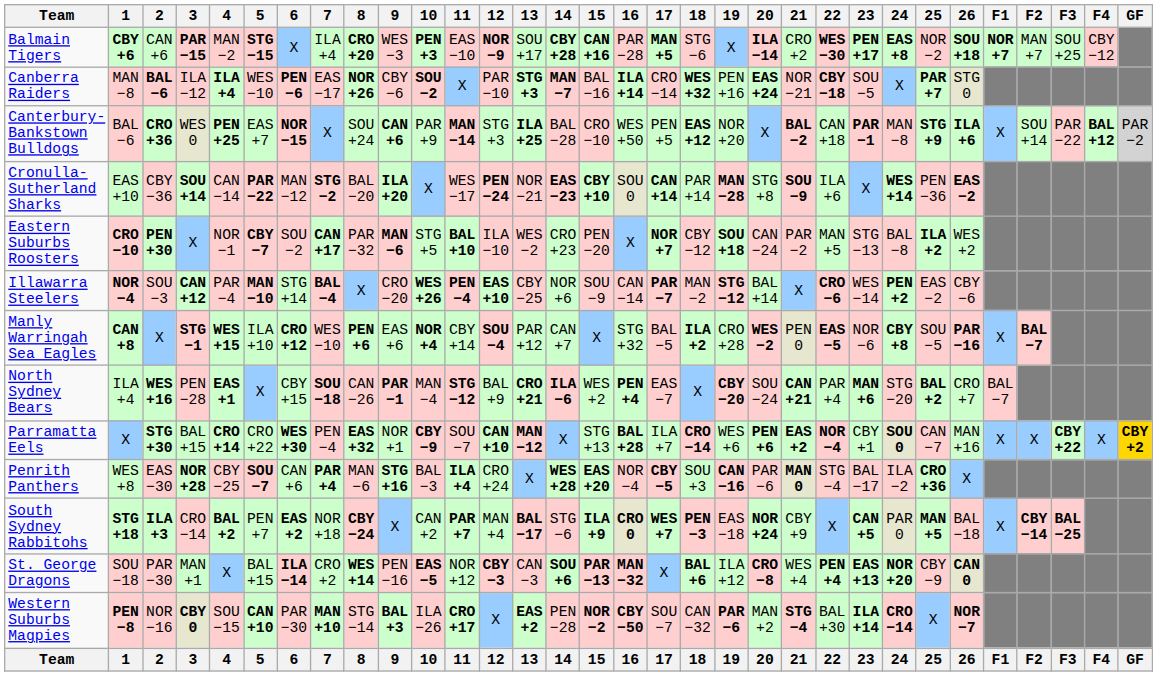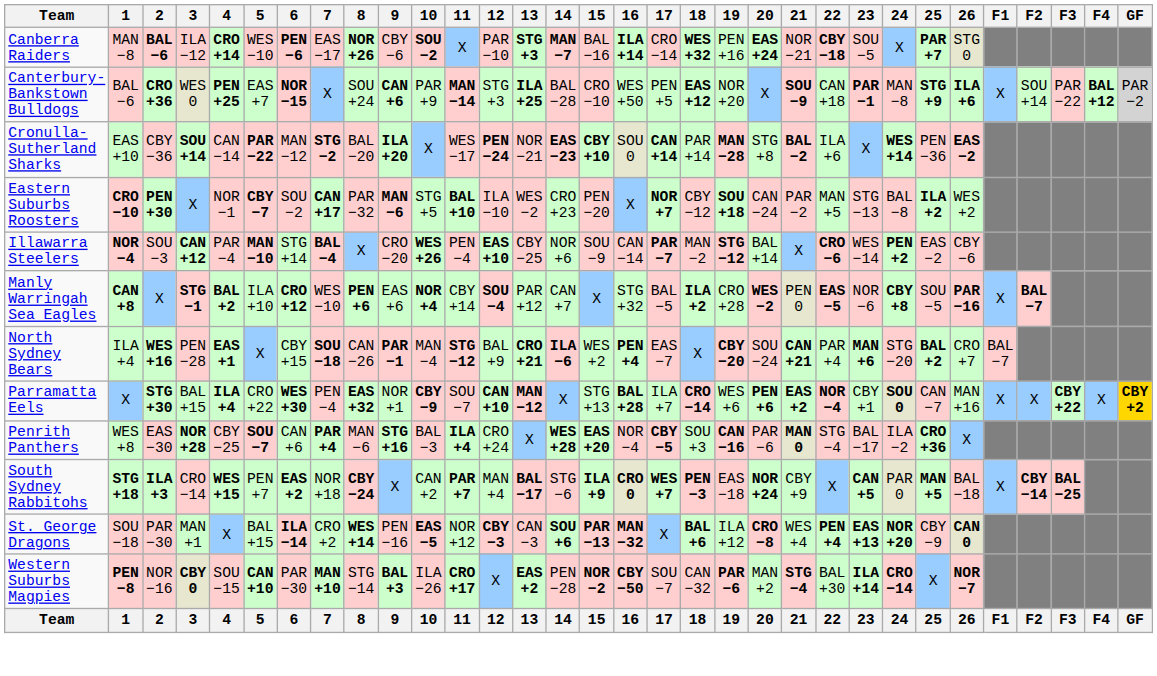 <table class="wikitable sortable" style="font-size:85%; text-align:center; width:90%">
 <tr valign="top">
 <th valign="middle">Team</th>
 <th>1</th>
 <th>2</th>
 <th>3</th>
 <th>4</th>
 <th>5</th>
 <th>6</th>
 <th>7</th>
 <th>8</th>
 <th>9</th>
 <th>10</th>
 <th>11</th>
 <th>12</th>
 <th>13</th>
 <th>14</th>
 <th>15</th>
 <th>16</th>
 <th>17</th>
 <th>18</th>
 <th>19</th>
 <th>20</th>
 <th>21</th>
 <th>22</th>
 <th>23</th>
 <th>24</th>
 <th>25</th>
 <th>26</th>
 <th>F1</th>
 <th>F2</th>
 <th>F3</th>
 <th>F4</th>
 <th>GF</th>
 </tr>
 <tr>
-<td align="left"><a href='#'>Balmain Tigers</a></td>
-<td style="background:#cfc;"><strong>CBY<br>+6</strong></td>
-<td style="background:#cfc;">CAN<br>+6</td>
-<td style="background:#FFCFCF;"><strong>PAR<br>−15</strong></td>
-<td style="background:#FFCFCF;">MAN<br>−2</td>
-<td style="background:#FFCFCF;"><strong>STG<br>−15</strong></td>
-<td style="background:#99ccff;">X</td>
-<td style="background:#cfc;">ILA<br>+4</td>
-<td style="background:#cfc;"><strong>CRO<br>+20</strong></td>
-<td style="background:#FFCFCF;">WES<br>−3</td>
-<td style="background:#cfc;"><strong>PEN<br>+3</strong></td>
-<td style="background:#FFCFCF;">EAS<br>−10</td>
-<td style="background:#FFCFCF;"><strong>NOR<br>−9</strong></td>
-<td style="background:#cfc;">SOU<br>+17</td>
-<td style="background:#cfc;"><strong>CBY<br>+28</strong></td>
-<td style="background:#cfc;"><strong>CAN<br>+16</strong></td>
-<td style="background:#FFCFCF;">PAR<br>−28</td>
-<td style="background:#cfc;"><strong>MAN<br>+5</strong></td>
-<td style="background:#FFCFCF;">STG<br>−6</td>
-<td style="background:#99ccff;">X</td>
-<td style="background:#FFCFCF;"><strong>ILA<br>−14</strong></td>
-<td style="background:#cfc;">CRO<br>+2</td>
-<td style="background:#FFCFCF;"><strong>WES<br>−30</strong></td>
-<td style="background:#cfc;"><strong>PEN<br>+17</strong></td>
-<td style="background:#cfc;"><strong>EAS<br>+8</strong></td>
-<td style="background:#FFCFCF;">NOR<br>−2</td>
-<td style="background:#cfc;"><strong>SOU<br>+18</strong></td>
-<td style="background:#cfc;"><strong>NOR<br>+7</strong></td>
-<td style="background:#cfc;">MAN<br>+7</td>
-<td style="background:#cfc;">SOU<br>+25</td>
-<td style="background:#FFCFCF;">CBY<br>−12</td>
-<td style="background:#808080;"></td>
-</tr>
-<tr>
 <td align="left"><a href='#'>Canberra Raiders</a></td>
 <td style="background:#FFCFCF;">MAN<br>−8</td>
 <td style="background:#FFCFCF;"><strong>BAL<br>−6</strong></td>
 <td style="background:#FFCFCF;">ILA<br>−12</td>
-<td style="background:#cfc;"><strong>ILA<br>+4</strong></td>
+<td style="background:#cfc;"><strong>CRO<br>+14</strong></td>
 <td style="background:#FFCFCF;">WES<br>−10</td>
 <td style="background:#FFCFCF;"><strong>PEN<br>−6</strong></td>
 <td style="background:#FFCFCF;">EAS<br>−17</td>
 <td style="background:#cfc;"><strong>NOR<br>+26</strong></td>
 <td style="background:#FFCFCF;">CBY<br>−6</td>
 <td style="background:#FFCFCF;"><strong>SOU<br>−2</strong></td>
 <td style="background:#99ccff;">X</td>
 <td style="background:#FFCFCF;">PAR<br>−10</td>
 <td style="background:#cfc;"><strong>STG<br>+3</strong></td>
 <td style="background:#FFCFCF;"><strong>MAN<br>−7</strong></td>
 <td style="background:#FFCFCF;">BAL<br>−16</td>
 <td style="background:#cfc;"><strong>ILA<br>+14</strong></td>
 <td style="background:#FFCFCF;">CRO<br>−14</td>
 <td style="background:#cfc;"><strong>WES<br>+32</strong></td>
 <td style="background:#cfc;">PEN<br>+16</td>
 <td style="background:#cfc;"><strong>EAS<br>+24</strong></td>
 <td style="background:#FFCFCF;">NOR<br>−21</td>
 <td style="background:#FFCFCF;"><strong>CBY<br>−18</strong></td>
 <td style="background:#FFCFCF;">SOU<br>−5</td>
 <td style="background:#99ccff;">X</td>
 <td style="background:#cfc;"><strong>PAR<br>+7</strong></td>
 <td style="background:#E6E7CE">STG<br>0</td>
 <td style="background:#808080;"></td>
 <td style="background:#808080;"></td>
 <td style="background:#808080;"></td>
 <td style="background:#808080;"></td>
 <td style="background:#808080;"></td>
 </tr>
 <tr>
 <td align="left"><a href='#'>Canterbury-Bankstown Bulldogs</a></td>
 <td style="background:#FFCFCF;">BAL<br>−6</td>
 <td style="background:#cfc;"><strong>CRO<br>+36</strong></td>
 <td style="background:#E6E7CE">WES<br>0</td>
 <td style="background:#cfc;"><strong>PEN<br>+25</strong></td>
 <td style="background:#cfc;">EAS<br>+7</td>
 <td style="background:#FFCFCF;"><strong>NOR<br>−15</strong></td>
 <td style="background:#99ccff;">X</td>
 <td style="background:#cfc;">SOU<br>+24</td>
 <td style="background:#cfc;"><strong>CAN<br>+6</strong></td>
 <td style="background:#cfc;">PAR<br>+9</td>
 <td style="background:#FFCFCF;"><strong>MAN<br>−14</strong></td>
 <td style="background:#cfc;">STG<br>+3</td>
 <td style="background:#cfc;"><strong>ILA<br>+25</strong></td>
 <td style="background:#FFCFCF;">BAL<br>−28</td>
 <td style="background:#FFCFCF;">CRO<br>−10</td>
 <td style="background:#cfc;">WES<br>+50</td>
 <td style="background:#cfc;">PEN<br>+5</td>
 <td style="background:#cfc;"><strong>EAS<br>+12</strong></td>
 <td style="background:#cfc;">NOR<br>+20</td>
 <td style="background:#99ccff;">X</td>
-<td style="background:#FFCFCF;"><strong>BAL<br>−2</strong></td>
+<td style="background:#FFCFCF;"><strong>SOU<br>−9</strong></td>
 <td style="background:#cfc;">CAN<br>+18</td>
 <td style="background:#FFCFCF;"><strong>PAR<br>−1</strong></td>
 <td style="background:#FFCFCF;">MAN<br>−8</td>
 <td style="background:#cfc;"><strong>STG<br>+9</strong></td>
 <td style="background:#cfc;"><strong>ILA<br>+6</strong></td>
 <td style="background:#99ccff;">X</td>
 <td style="background:#cfc;">SOU<br>+14</td>
 <td style="background:#FFCFCF;">PAR<br>−22</td>
 <td style="background:#cfc;"><strong>BAL<br>+12</strong></td>
 <td style="background:#D3D3D3;">PAR<br>−2</td>
 </tr>
 <tr>
 <td align="left"><a href='#'>Cronulla-Sutherland Sharks</a></td>
 <td style="background:#cfc;">EAS<br>+10</td>
 <td style="background:#FFCFCF;">CBY<br>−36</td>
 <td style="background:#cfc;"><strong>SOU<br>+14</strong></td>
 <td style="background:#FFCFCF;">CAN<br>−14</td>
 <td style="background:#FFCFCF;"><strong>PAR<br>−22</strong></td>
 <td style="background:#FFCFCF;">MAN<br>−12</td>
 <td style="background:#FFCFCF;"><strong>STG<br>−2</strong></td>
 <td style="background:#FFCFCF;">BAL<br>−20</td>
 <td style="background:#cfc;"><strong>ILA<br>+20</strong></td>
 <td style="background:#99ccff;">X</td>
 <td style="background:#FFCFCF;">WES<br>−17</td>
 <td style="background:#FFCFCF;"><strong>PEN<br>−24</strong></td>
 <td style="background:#FFCFCF;">NOR<br>−21</td>
 <td style="background:#FFCFCF;"><strong>EAS<br>−23</strong></td>
 <td style="background:#cfc;"><strong>CBY<br>+10</strong></td>
 <td style="background:#E6E7CE">SOU<br>0</td>
 <td style="background:#cfc;"><strong>CAN<br>+14</strong></td>
 <td style="background:#cfc;">PAR<br>+14</td>
 <td style="background:#FFCFCF;"><strong>MAN<br>−28</strong></td>
 <td style="background:#cfc;">STG<br>+8</td>
-<td style="background:#FFCFCF;"><strong>SOU<br>−9</strong></td>
+<td style="background:#FFCFCF;"><strong>BAL<br>−2</strong></td>
 <td style="background:#cfc;">ILA<br>+6</td>
 <td style="background:#99ccff;">X</td>
 <td style="background:#cfc;"><strong>WES<br>+14</strong></td>
 <td style="background:#FFCFCF;">PEN<br>−36</td>
 <td style="background:#FFCFCF;"><strong>EAS<br>−2</strong></td>
 <td style="background:#808080;"></td>
 <td style="background:#808080;"></td>
 <td style="background:#808080;"></td>
 <td style="background:#808080;"></td>
 <td style="background:#808080;"></td>
 </tr>
 <tr>
 <td align="left"><a href='#'>Eastern Suburbs Roosters</a></td>
 <td style="background:#FFCFCF;"><strong>CRO<br>−10</strong></td>
 <td style="background:#cfc;"><strong>PEN<br>+30</strong></td>
 <td style="background:#99ccff;">X</td>
 <td style="background:#FFCFCF;">NOR<br>−1</td>
 <td style="background:#FFCFCF;"><strong>CBY<br>−7</strong></td>
 <td style="background:#FFCFCF;">SOU<br>−2</td>
 <td style="background:#cfc;"><strong>CAN<br>+17</strong></td>
 <td style="background:#FFCFCF;">PAR<br>−32</td>
 <td style="background:#FFCFCF;"><strong>MAN<br>−6</strong></td>
 <td style="background:#cfc;">STG<br>+5</td>
 <td style="background:#cfc;"><strong>BAL<br>+10</strong></td>
 <td style="background:#FFCFCF;">ILA<br>−10</td>
 <td style="background:#FFCFCF;">WES<br>−2</td>
 <td style="background:#cfc;">CRO<br>+23</td>
 <td style="background:#FFCFCF;">PEN<br>−20</td>
 <td style="background:#99ccff;">X</td>
 <td style="background:#cfc;"><strong>NOR<br>+7</strong></td>
 <td style="background:#FFCFCF;">CBY<br>−12</td>
 <td style="background:#cfc;"><strong>SOU<br>+18</strong></td>
 <td style="background:#FFCFCF;">CAN<br>−24</td>
 <td style="background:#FFCFCF;">PAR<br>−2</td>
 <td style="background:#cfc;">MAN<br>+5</td>
 <td style="background:#FFCFCF;">STG<br>−13</td>
 <td style="background:#FFCFCF;">BAL<br>−8</td>
 <td style="background:#cfc;"><strong>ILA<br>+2</strong></td>
 <td style="background:#cfc;">WES<br>+2</td>
 <td style="background:#808080;"></td>
 <td style="background:#808080;"></td>
 <td style="background:#808080;"></td>
 <td style="background:#808080;"></td>
 <td style="background:#808080;"></td>
 </tr>
 <tr>
 <td align="left"><a href='#'>Illawarra Steelers</a></td>
 <td style="background:#FFCFCF;"><strong>NOR<br>−4</strong></td>
 <td style="background:#FFCFCF;">SOU<br>−3</td>
 <td style="background:#cfc;"><strong>CAN<br>+12</strong></td>
 <td style="background:#FFCFCF;">PAR<br>−4</td>
 <td style="background:#FFCFCF;"><strong>MAN<br>−10</strong></td>
 <td style="background:#cfc;">STG<br>+14</td>
 <td style="background:#FFCFCF;"><strong>BAL<br>−4</strong></td>
 <td style="background:#99ccff;">X</td>
 <td style="background:#FFCFCF;">CRO<br>−20</td>
 <td style="background:#cfc;"><strong>WES<br>+26</strong></td>
-<td style="background:#FFCFCF;"><strong>PEN<br>−4</strong></td>
+<td style="background:#FFCFCF;">PEN<br>−4</td>
 <td style="background:#cfc;"><strong>EAS<br>+10</strong></td>
 <td style="background:#FFCFCF;">CBY<br>−25</td>
 <td style="background:#cfc;">NOR<br>+6</td>
 <td style="background:#FFCFCF;">SOU<br>−9</td>
 <td style="background:#FFCFCF;">CAN<br>−14</td>
 <td style="background:#FFCFCF;"><strong>PAR<br>−7</strong></td>
 <td style="background:#FFCFCF;">MAN<br>−2</td>
 <td style="background:#FFCFCF;"><strong>STG<br>−12</strong></td>
 <td style="background:#cfc;">BAL<br>+14</td>
 <td style="background:#99ccff;">X</td>
 <td style="background:#FFCFCF;"><strong>CRO<br>−6</strong></td>
 <td style="background:#FFCFCF;">WES<br>−14</td>
 <td style="background:#cfc;"><strong>PEN<br>+2</strong></td>
 <td style="background:#FFCFCF;">EAS<br>−2</td>
 <td style="background:#FFCFCF;">CBY<br>−6</td>
 <td style="background:#808080;"></td>
 <td style="background:#808080;"></td>
 <td style="background:#808080;"></td>
 <td style="background:#808080;"></td>
 <td style="background:#808080;"></td>
 </tr>
 <tr>
 <td align="left"><a href='#'>Manly Warringah Sea Eagles</a></td>
 <td style="background:#cfc;"><strong>CAN<br>+8</strong></td>
 <td style="background:#99ccff;">X</td>
 <td style="background:#FFCFCF;"><strong>STG<br>−1</strong></td>
-<td style="background:#cfc;"><strong>WES<br>+15</strong></td>
+<td style="background:#cfc;"><strong>BAL<br>+2</strong></td>
 <td style="background:#cfc;">ILA<br>+10</td>
 <td style="background:#cfc;"><strong>CRO<br>+12</strong></td>
 <td style="background:#FFCFCF;">WES<br>−10</td>
 <td style="background:#cfc;"><strong>PEN<br>+6</strong></td>
 <td style="background:#cfc;">EAS<br>+6</td>
 <td style="background:#cfc;"><strong>NOR<br>+4</strong></td>
 <td style="background:#cfc;">CBY<br>+14</td>
 <td style="background:#FFCFCF;"><strong>SOU<br>−4</strong></td>
 <td style="background:#cfc;">PAR<br>+12</td>
 <td style="background:#cfc;">CAN<br>+7</td>
 <td style="background:#99ccff;">X</td>
 <td style="background:#cfc;">STG<br>+32</td>
 <td style="background:#FFCFCF;">BAL<br>−5</td>
 <td style="background:#cfc;"><strong>ILA<br>+2</strong></td>
 <td style="background:#cfc;">CRO<br>+28</td>
 <td style="background:#FFCFCF;"><strong>WES<br>−2</strong></td>
 <td style="background:#E6E7CE">PEN<br>0</td>
 <td style="background:#FFCFCF;"><strong>EAS<br>−5</strong></td>
 <td style="background:#FFCFCF;">NOR<br>−6</td>
 <td style="background:#cfc;"><strong>CBY<br>+8</strong></td>
 <td style="background:#FFCFCF;">SOU<br>−5</td>
 <td style="background:#FFCFCF;"><strong>PAR<br>−16</strong></td>
 <td style="background:#99ccff;">X</td>
 <td style="background:#FFCFCF;"><strong>BAL<br>−7</strong></td>
 <td style="background:#808080;"></td>
 <td style="background:#808080;"></td>
 <td style="background:#808080;"></td>
 </tr>
 <tr>
 <td align="left"><a href='#'>North Sydney Bears</a></td>
 <td style="background:#cfc;">ILA<br>+4</td>
 <td style="background:#cfc;"><strong>WES<br>+16</strong></td>
 <td style="background:#FFCFCF;">PEN<br>−28</td>
 <td style="background:#cfc;"><strong>EAS<br>+1</strong></td>
 <td style="background:#99ccff;">X</td>
 <td style="background:#cfc;">CBY<br>+15</td>
 <td style="background:#FFCFCF;"><strong>SOU<br>−18</strong></td>
 <td style="background:#FFCFCF;">CAN<br>−26</td>
 <td style="background:#FFCFCF;"><strong>PAR<br>−1</strong></td>
 <td style="background:#FFCFCF;">MAN<br>−4</td>
 <td style="background:#FFCFCF;"><strong>STG<br>−12</strong></td>
 <td style="background:#cfc;">BAL<br>+9</td>
 <td style="background:#cfc;"><strong>CRO<br>+21</strong></td>
 <td style="background:#FFCFCF;"><strong>ILA<br>−6</strong></td>
 <td style="background:#cfc;">WES<br>+2</td>
 <td style="background:#cfc;"><strong>PEN<br>+4</strong></td>
 <td style="background:#FFCFCF;">EAS<br>−7</td>
 <td style="background:#99ccff;">X</td>
 <td style="background:#FFCFCF;"><strong>CBY<br>−20</strong></td>
 <td style="background:#FFCFCF;">SOU<br>−24</td>
 <td style="background:#cfc;"><strong>CAN<br>+21</strong></td>
 <td style="background:#cfc;">PAR<br>+4</td>
 <td style="background:#cfc;"><strong>MAN<br>+6</strong></td>
 <td style="background:#FFCFCF;">STG<br>−20</td>
 <td style="background:#cfc;"><strong>BAL<br>+2</strong></td>
 <td style="background:#cfc;">CRO<br>+7</td>
 <td style="background:#FFCFCF;">BAL<br>−7</td>
 <td style="background:#808080;"></td>
 <td style="background:#808080;"></td>
 <td style="background:#808080;"></td>
 <td style="background:#808080;"></td>
 </tr>
 <tr>
 <td align="left"><a href='#'>Parramatta Eels</a></td>
 <td style="background:#99ccff;">X</td>
 <td style="background:#cfc;"><strong>STG<br>+30</strong></td>
 <td style="background:#cfc;">BAL<br>+15</td>
-<td style="background:#cfc;"><strong>CRO<br>+14</strong></td>
+<td style="background:#cfc;"><strong>ILA<br>+4</strong></td>
 <td style="background:#cfc;">CRO<br>+22</td>
 <td style="background:#cfc;"><strong>WES<br>+30</strong></td>
 <td style="background:#FFCFCF;">PEN<br>−4</td>
 <td style="background:#cfc;"><strong>EAS<br>+32</strong></td>
 <td style="background:#cfc;">NOR<br>+1</td>
 <td style="background:#FFCFCF;"><strong>CBY<br>−9</strong></td>
 <td style="background:#FFCFCF;">SOU<br>−7</td>
 <td style="background:#cfc;"><strong>CAN<br>+10</strong></td>
 <td style="background:#FFCFCF;"><strong>MAN<br>−12</strong></td>
 <td style="background:#99ccff;">X</td>
 <td style="background:#cfc;">STG<br>+13</td>
 <td style="background:#cfc;"><strong>BAL<br>+28</strong></td>
 <td style="background:#cfc;">ILA<br>+7</td>
 <td style="background:#FFCFCF;"><strong>CRO<br>−14</strong></td>
 <td style="background:#cfc;">WES<br>+6</td>
 <td style="background:#cfc;"><strong>PEN<br>+6</strong></td>
 <td style="background:#cfc;"><strong>EAS<br>+2</strong></td>
 <td style="background:#FFCFCF;"><strong>NOR<br>−4</strong></td>
 <td style="background:#cfc;">CBY<br>+1</td>
 <td style="background:#E6E7CE"><strong>SOU<br>0</strong></td>
 <td style="background:#FFCFCF;">CAN<br>−7</td>
 <td style="background:#cfc;">MAN<br>+16</td>
 <td style="background:#99ccff;">X</td>
 <td style="background:#99ccff;">X</td>
 <td style="background:#cfc;"><strong>CBY<br>+22</strong></td>
 <td style="background:#99ccff;">X</td>
 <td style="background:#FFD700;"><strong>CBY<br>+2</strong></td>
 </tr>
 <tr>
 <td align="left"><a href='#'>Penrith Panthers</a></td>
 <td style="background:#cfc;">WES<br>+8</td>
 <td style="background:#FFCFCF;">EAS<br>−30</td>
 <td style="background:#cfc;"><strong>NOR<br>+28</strong></td>
 <td style="background:#FFCFCF;">CBY<br>−25</td>
 <td style="background:#FFCFCF;"><strong>SOU<br>−7</strong></td>
 <td style="background:#cfc;">CAN<br>+6</td>
 <td style="background:#cfc;"><strong>PAR<br>+4</strong></td>
 <td style="background:#FFCFCF;">MAN<br>−6</td>
 <td style="background:#cfc;"><strong>STG<br>+16</strong></td>
 <td style="background:#FFCFCF;">BAL<br>−3</td>
 <td style="background:#cfc;"><strong>ILA<br>+4</strong></td>
 <td style="background:#cfc;">CRO<br>+24</td>
 <td style="background:#99ccff;">X</td>
 <td style="background:#cfc;"><strong>WES<br>+28</strong></td>
 <td style="background:#cfc;"><strong>EAS<br>+20</strong></td>
 <td style="background:#FFCFCF;">NOR<br>−4</td>
 <td style="background:#FFCFCF;"><strong>CBY<br>−5</strong></td>
 <td style="background:#cfc;">SOU<br>+3</td>
 <td style="background:#FFCFCF;"><strong>CAN<br>−16</strong></td>
 <td style="background:#FFCFCF;">PAR<br>−6</td>
 <td style="background:#E6E7CE"><strong>MAN<br>0</strong></td>
 <td style="background:#FFCFCF;">STG<br>−4</td>
 <td style="background:#FFCFCF;">BAL<br>−17</td>
 <td style="background:#FFCFCF;">ILA<br>−2</td>
 <td style="background:#cfc;"><strong>CRO<br>+36</strong></td>
 <td style="background:#99ccff;">X</td>
 <td style="background:#808080;"></td>
 <td style="background:#808080;"></td>
 <td style="background:#808080;"></td>
 <td style="background:#808080;"></td>
 <td style="background:#808080;"></td>
 </tr>
 <tr>
 <td align="left"><a href='#'>South Sydney Rabbitohs</a></td>
 <td style="background:#cfc;"><strong>STG<br>+18</strong></td>
 <td style="background:#cfc;"><strong>ILA<br>+3</strong></td>
 <td style="background:#FFCFCF;">CRO<br>−14</td>
-<td style="background:#cfc;"><strong>BAL<br>+2</strong></td>
+<td style="background:#cfc;"><strong>WES<br>+15</strong></td>
 <td style="background:#cfc;">PEN<br>+7</td>
 <td style="background:#cfc;"><strong>EAS<br>+2</strong></td>
 <td style="background:#cfc;">NOR<br>+18</td>
 <td style="background:#FFCFCF;"><strong>CBY<br>−24</strong></td>
 <td style="background:#99ccff;">X</td>
 <td style="background:#cfc;">CAN<br>+2</td>
 <td style="background:#cfc;"><strong>PAR<br>+7</strong></td>
 <td style="background:#cfc;">MAN<br>+4</td>
 <td style="background:#FFCFCF;"><strong>BAL<br>−17</strong></td>
 <td style="background:#FFCFCF;">STG<br>−6</td>
 <td style="background:#cfc;"><strong>ILA<br>+9</strong></td>
 <td style="background:#E6E7CE"><strong>CRO<br>0</strong></td>
 <td style="background:#cfc;"><strong>WES<br>+7</strong></td>
 <td style="background:#FFCFCF;"><strong>PEN<br>−3</strong></td>
 <td style="background:#FFCFCF;">EAS<br>−18</td>
 <td style="background:#cfc;"><strong>NOR<br>+24</strong></td>
 <td style="background:#cfc;">CBY<br>+9</td>
 <td style="background:#99ccff;">X</td>
 <td style="background:#cfc;"><strong>CAN<br>+5</strong></td>
 <td style="background:#E6E7CE">PAR<br>0</td>
 <td style="background:#cfc;"><strong>MAN<br>+5</strong></td>
 <td style="background:#FFCFCF;">BAL<br>−18</td>
 <td style="background:#99ccff;">X</td>
 <td style="background:#FFCFCF;"><strong>CBY<br>−14</strong></td>
 <td style="background:#FFCFCF;"><strong>BAL<br>−25</strong></td>
 <td style="background:#808080;"></td>
 <td style="background:#808080;"></td>
 </tr>
 <tr>
 <td align="left"><a href='#'>St. George Dragons</a></td>
 <td style="background:#FFCFCF;">SOU<br>−18</td>
 <td style="background:#FFCFCF;">PAR<br>−30</td>
 <td style="background:#cfc;">MAN<br>+1</td>
 <td style="background:#99ccff;">X</td>
 <td style="background:#cfc;">BAL<br>+15</td>
 <td style="background:#FFCFCF;"><strong>ILA<br>−14</strong></td>
 <td style="background:#cfc;">CRO<br>+2</td>
 <td style="background:#cfc;"><strong>WES<br>+14</strong></td>
 <td style="background:#FFCFCF;">PEN<br>−16</td>
 <td style="background:#FFCFCF;"><strong>EAS<br>−5</strong></td>
 <td style="background:#cfc;">NOR<br>+12</td>
 <td style="background:#FFCFCF;"><strong>CBY<br>−3</strong></td>
 <td style="background:#FFCFCF;">CAN<br>−3</td>
 <td style="background:#cfc;"><strong>SOU<br>+6</strong></td>
 <td style="background:#FFCFCF;"><strong>PAR<br>−13</strong></td>
 <td style="background:#FFCFCF;"><strong>MAN<br>−32</strong></td>
 <td style="background:#99ccff;">X</td>
 <td style="background:#cfc;"><strong>BAL<br>+6</strong></td>
 <td style="background:#cfc;">ILA<br>+12</td>
 <td style="background:#FFCFCF;"><strong>CRO<br>−8</strong></td>
 <td style="background:#cfc;">WES<br>+4</td>
 <td style="background:#cfc;"><strong>PEN<br>+4</strong></td>
 <td style="background:#cfc;"><strong>EAS<br>+13</strong></td>
 <td style="background:#cfc;"><strong>NOR<br>+20</strong></td>
 <td style="background:#FFCFCF;">CBY<br>−9</td>
 <td style="background:#E6E7CE"><strong>CAN<br>0</strong></td>
 <td style="background:#808080;"></td>
 <td style="background:#808080;"></td>
 <td style="background:#808080;"></td>
 <td style="background:#808080;"></td>
 <td style="background:#808080;"></td>
 </tr>
 <tr>
 <td align="left"><a href='#'>Western Suburbs Magpies</a></td>
 <td style="background:#FFCFCF;"><strong>PEN<br>−8</strong></td>
 <td style="background:#FFCFCF;">NOR<br>−16</td>
 <td style="background:#E6E7CE"><strong>CBY<br>0</strong></td>
 <td style="background:#FFCFCF;">SOU<br>−15</td>
 <td style="background:#cfc;"><strong>CAN<br>+10</strong></td>
 <td style="background:#FFCFCF;">PAR<br>−30</td>
 <td style="background:#cfc;"><strong>MAN<br>+10</strong></td>
 <td style="background:#FFCFCF;">STG<br>−14</td>
 <td style="background:#cfc;"><strong>BAL<br>+3</strong></td>
 <td style="background:#FFCFCF;">ILA<br>−26</td>
 <td style="background:#cfc;"><strong>CRO<br>+17</strong></td>
 <td style="background:#99ccff;">X</td>
 <td style="background:#cfc;"><strong>EAS<br>+2</strong></td>
 <td style="background:#FFCFCF;">PEN<br>−28</td>
 <td style="background:#FFCFCF;"><strong>NOR<br>−2</strong></td>
 <td style="background:#FFCFCF;"><strong>CBY<br>−50</strong></td>
 <td style="background:#FFCFCF;">SOU<br>−7</td>
 <td style="background:#FFCFCF;">CAN<br>−32</td>
 <td style="background:#FFCFCF;"><strong>PAR<br>−6</strong></td>
 <td style="background:#cfc;">MAN<br>+2</td>
 <td style="background:#FFCFCF;"><strong>STG<br>−4</strong></td>
 <td style="background:#cfc;">BAL<br>+30</td>
 <td style="background:#cfc;"><strong>ILA<br>+14</strong></td>
 <td style="background:#FFCFCF;"><strong>CRO<br>−14</strong></td>
 <td style="background:#99ccff;">X</td>
 <td style="background:#FFCFCF;"><strong>NOR<br>−7</strong></td>
 <td style="background:#808080;"></td>
 <td style="background:#808080;"></td>
 <td style="background:#808080;"></td>
 <td style="background:#808080;"></td>
 <td style="background:#808080;"></td>
 </tr>
 <tr valign="top">
 <th valign="middle">Team</th>
 <th>1</th>
 <th>2</th>
 <th>3</th>
 <th>4</th>
 <th>5</th>
 <th>6</th>
 <th>7</th>
 <th>8</th>
 <th>9</th>
 <th>10</th>
 <th>11</th>
 <th>12</th>
 <th>13</th>
 <th>14</th>
 <th>15</th>
 <th>16</th>
 <th>17</th>
 <th>18</th>
 <th>19</th>
 <th>20</th>
 <th>21</th>
 <th>22</th>
 <th>23</th>
 <th>24</th>
 <th>25</th>
 <th>26</th>
 <th>F1</th>
 <th>F2</th>
 <th>F3</th>
 <th>F4</th>
 <th>GF</th>
 </tr>
 </table>
